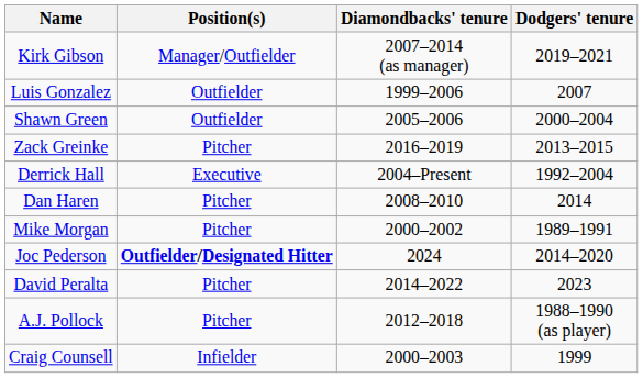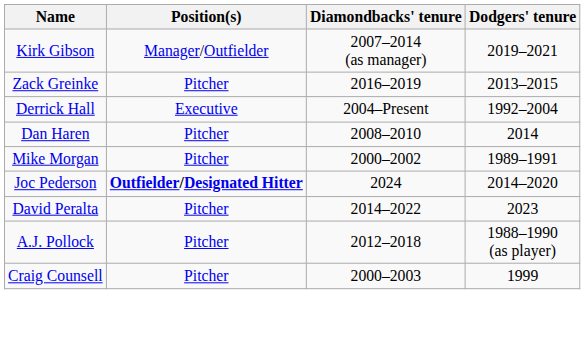 <table class="wikitable" style="text-align: center">
 <tr>
 <th>Name</th>
 <th>Position(s)</th>
 <th>Diamondbacks' tenure</th>
 <th>Dodgers' tenure</th>
 </tr>
 <tr>
 <td><a href='#'>Kirk Gibson</a></td>
 <td><a href='#'>Manager</a>/<a href='#'>Outfielder</a></td>
 <td>2007–2014<br>(as manager)</td>
 <td>2019–2021</td>
-</tr>
-<tr>
-<td><a href='#'>Luis Gonzalez</a></td>
-<td><a href='#'>Outfielder</a></td>
-<td>1999–2006</td>
-<td>2007</td>
-</tr>
-<tr>
-<td><a href='#'>Shawn Green</a></td>
-<td><a href='#'>Outfielder</a></td>
-<td>2005–2006</td>
-<td>2000–2004</td>
 </tr>
 <tr>
 <td><a href='#'>Zack Greinke</a></td>
 <td><a href='#'>Pitcher</a></td>
 <td>2016–2019</td>
 <td>2013–2015</td>
 </tr>
 <tr>
 <td><a href='#'>Derrick Hall</a></td>
 <td><a href='#'>Executive</a></td>
 <td>2004–Present</td>
 <td>1992–2004</td>
 </tr>
 <tr>
 <td><a href='#'>Dan Haren</a></td>
 <td><a href='#'>Pitcher</a></td>
 <td>2008–2010</td>
 <td>2014</td>
 </tr>
 <tr>
 <td><a href='#'>Mike Morgan</a></td>
 <td><a href='#'>Pitcher</a></td>
 <td>2000–2002</td>
 <td>1989–1991</td>
 </tr>
 <tr>
 <td><a href='#'>Joc Pederson</a></td>
 <td><strong><a href='#'>Outfielder</a>/<a href='#'>Designated Hitter</a></strong></td>
 <td>2024</td>
 <td>2014–2020</td>
 </tr>
 <tr>
 <td><a href='#'>David Peralta</a></td>
 <td><a href='#'>Pitcher</a></td>
 <td>2014–2022</td>
 <td>2023</td>
 </tr>
 <tr>
 <td><a href='#'>A.J. Pollock</a></td>
 <td><a href='#'>Pitcher</a></td>
 <td>2012–2018</td>
 <td>1988–1990<br>(as player)</td>
 </tr>
 <tr>
 <td><a href='#'>Craig Counsell</a></td>
-<td><a href='#'>Infielder</a></td>
+<td><a href='#'>Pitcher</a></td>
 <td>2000–2003</td>
 <td>1999</td>
 </tr>
 </table>
